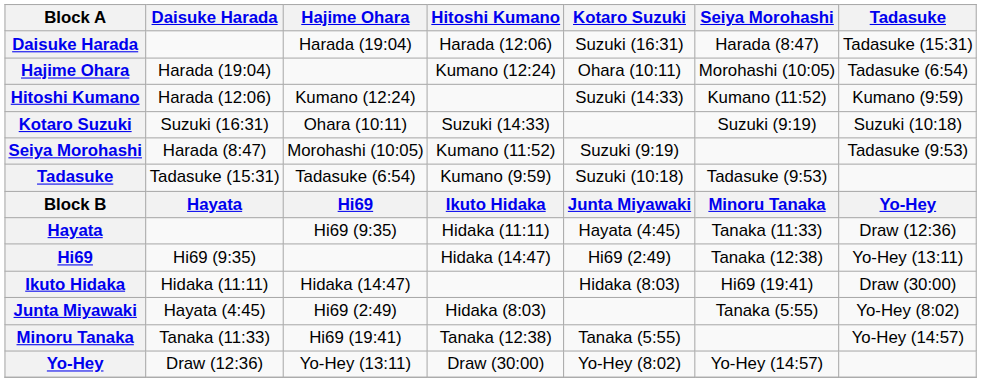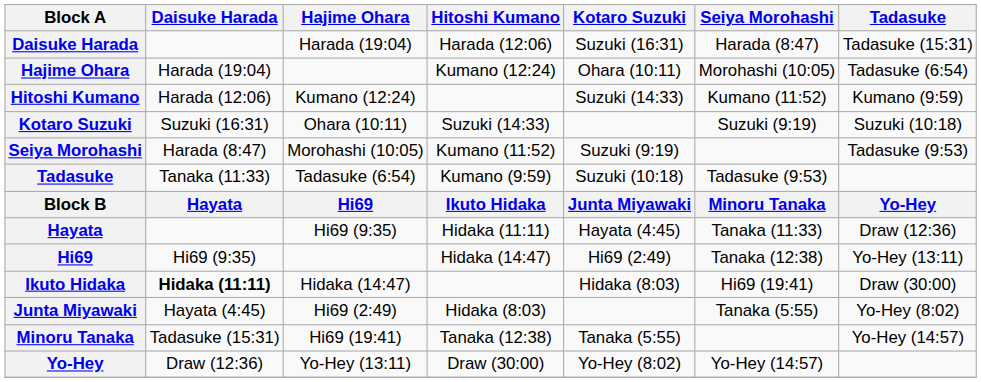 <table class="wikitable" style="margin: 1em auto 1em auto">
 <tr>
 <th>Block A</th>
 <th><a href='#'>Daisuke Harada</a></th>
 <th><a href='#'>Hajime Ohara</a></th>
 <th><a href='#'>Hitoshi Kumano</a></th>
 <th><a href='#'>Kotaro Suzuki</a></th>
 <th><a href='#'>Seiya Morohashi</a></th>
 <th><a href='#'>Tadasuke</a></th>
 </tr>
 <tr align="center">
 <th><a href='#'>Daisuke Harada</a></th>
 <td></td>
 <td>Harada (19:04)</td>
 <td>Harada (12:06)</td>
 <td>Suzuki (16:31)</td>
 <td>Harada (8:47)</td>
 <td>Tadasuke (15:31)</td>
 </tr>
 <tr align="center">
 <th><a href='#'>Hajime Ohara</a></th>
 <td>Harada (19:04)</td>
 <td></td>
 <td>Kumano (12:24)</td>
 <td>Ohara (10:11)</td>
 <td>Morohashi (10:05)</td>
 <td>Tadasuke (6:54)</td>
 </tr>
 <tr align="center">
 <th><a href='#'>Hitoshi Kumano</a></th>
 <td>Harada (12:06)</td>
 <td>Kumano (12:24)</td>
 <td></td>
 <td>Suzuki (14:33)</td>
 <td>Kumano (11:52)</td>
 <td>Kumano (9:59)</td>
 </tr>
 <tr align="center">
 <th><a href='#'>Kotaro Suzuki</a></th>
 <td>Suzuki (16:31)</td>
 <td>Ohara (10:11)</td>
 <td>Suzuki (14:33)</td>
 <td></td>
 <td>Suzuki (9:19)</td>
 <td>Suzuki (10:18)</td>
 </tr>
 <tr align="center">
 <th><a href='#'>Seiya Morohashi</a></th>
 <td>Harada (8:47)</td>
 <td>Morohashi (10:05)</td>
 <td>Kumano (11:52)</td>
 <td>Suzuki (9:19)</td>
 <td></td>
 <td>Tadasuke (9:53)</td>
 </tr>
 <tr align="center">
 <th><a href='#'>Tadasuke</a></th>
-<td>Tadasuke (15:31)</td>
+<td>Tanaka (11:33)</td>
 <td>Tadasuke (6:54)</td>
 <td>Kumano (9:59)</td>
 <td>Suzuki (10:18)</td>
 <td>Tadasuke (9:53)</td>
 <td></td>
 </tr>
 <tr align="center">
 <th>Block B</th>
 <th><a href='#'>Hayata</a></th>
 <th><a href='#'>Hi69</a></th>
 <th><a href='#'>Ikuto Hidaka</a></th>
 <th><a href='#'>Junta Miyawaki</a></th>
 <th><a href='#'>Minoru Tanaka</a></th>
 <th><a href='#'>Yo-Hey</a></th>
 </tr>
 <tr align="center">
 <th><a href='#'>Hayata</a></th>
 <td></td>
 <td>Hi69 (9:35)</td>
 <td>Hidaka (11:11)</td>
 <td>Hayata (4:45)</td>
 <td>Tanaka (11:33)</td>
 <td>Draw (12:36)</td>
 </tr>
 <tr align="center">
 <th><a href='#'>Hi69</a></th>
 <td>Hi69 (9:35)</td>
 <td></td>
 <td>Hidaka (14:47)</td>
 <td>Hi69 (2:49)</td>
 <td>Tanaka (12:38)</td>
 <td>Yo-Hey (13:11)</td>
 </tr>
 <tr align="center">
 <th><a href='#'>Ikuto Hidaka</a></th>
-<td>Hidaka (11:11)</td>
+<td><strong>Hidaka (11:11)</strong></td>
 <td>Hidaka (14:47)</td>
 <td></td>
 <td>Hidaka (8:03)</td>
 <td>Hi69 (19:41)</td>
 <td>Draw (30:00)</td>
 </tr>
 <tr align="center">
 <th><a href='#'>Junta Miyawaki</a></th>
 <td>Hayata (4:45)</td>
 <td>Hi69 (2:49)</td>
 <td>Hidaka (8:03)</td>
 <td></td>
 <td>Tanaka (5:55)</td>
 <td>Yo-Hey (8:02)</td>
 </tr>
 <tr align="center">
 <th><a href='#'>Minoru Tanaka</a></th>
-<td>Tanaka (11:33)</td>
+<td>Tadasuke (15:31)</td>
 <td>Hi69 (19:41)</td>
 <td>Tanaka (12:38)</td>
 <td>Tanaka (5:55)</td>
 <td></td>
 <td>Yo-Hey (14:57)</td>
 </tr>
 <tr align="center">
 <th><a href='#'>Yo-Hey</a></th>
 <td>Draw (12:36)</td>
 <td>Yo-Hey (13:11)</td>
 <td>Draw (30:00)</td>
 <td>Yo-Hey (8:02)</td>
 <td>Yo-Hey (14:57)</td>
 <td></td>
 </tr>
 <tr align="center">
 </tr>
 </table>
